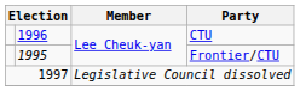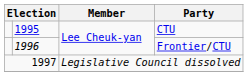 <table class="wikitable">
 <tr>
 <th colspan="2">Election</th>
 <th>Member</th>
 <th>Party</th>
 </tr>
 <tr>
 <td style="background-color: "></td>
-<td><a href='#'>1996</a></td>
+<td><a href='#'>1995</a></td>
 <td rowspan=2><a href='#'>Lee Cheuk-yan</a></td>
 <td><a href='#'>CTU</a></td>
 </tr>
 <tr>
 <td style="background-color: "></td>
-<td><em>1995</em></td>
+<td><em>1996</em></td>
 <td><a href='#'>Frontier</a>/<a href='#'>CTU</a></td>
 </tr>
 <tr>
 <td colspan=2 align=right>1997</td>
 <td colspan=2><em>Legislative Council dissolved</em></td>
 </tr>
 <tr>
 </tr>
 </table>
